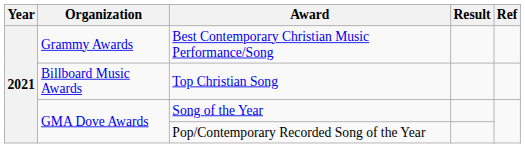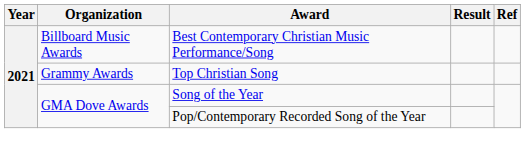 <table class="wikitable plainrowheaders">
 <tr>
 <th>Year</th>
 <th>Organization</th>
 <th>Award</th>
 <th>Result</th>
 <th>Ref</th>
 </tr>
 <tr>
 <th scope="row" rowspan="4">2021</th>
-<td><a href='#'>Grammy Awards</a></td>
+<td><a href='#'>Billboard Music Awards</a></td>
 <td><a href='#'>Best Contemporary Christian Music Performance/Song</a></td>
 <td></td>
 <td></td>
 </tr>
 <tr>
-<td><a href='#'>Billboard Music Awards</a></td>
+<td><a href='#'>Grammy Awards</a></td>
 <td><a href='#'>Top Christian Song</a></td>
 <td></td>
 <td></td>
 </tr>
 <tr>
 <td rowspan="2"><a href='#'>GMA Dove Awards</a></td>
 <td><a href='#'>Song of the Year</a></td>
 <td></td>
 <td rowspan="2"></td>
 </tr>
 <tr>
 <td>Pop/Contemporary Recorded Song of the Year</td>
 <td></td>
 </tr>
 </table>
